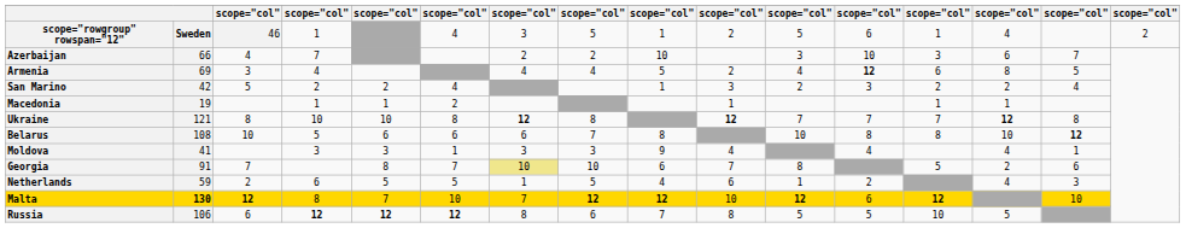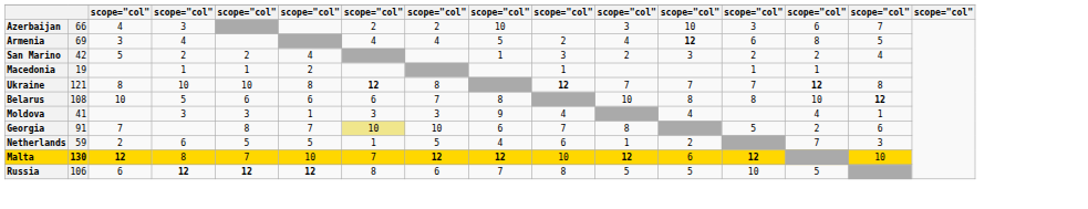 <table class="wikitable plainrowheaders" style="text-align:center;">
 <tr>
 </tr>
 <tr>
 <th colspan="2"></th>
 <th>scope="col" </th>
 <th>scope="col" </th>
 <th>scope="col" </th>
 <th>scope="col" </th>
 <th>scope="col" </th>
 <th>scope="col" </th>
 <th>scope="col" </th>
 <th>scope="col" </th>
 <th>scope="col" </th>
 <th>scope="col" </th>
 <th>scope="col" </th>
 <th>scope="col" </th>
 <th>scope="col" </th>
 <th>scope="col" </th>
 </tr>
 <tr>
-<th>scope="rowgroup" rowspan="12" </th>
-<th scope="row" style="text-align:left; background:#f2f2f2;">Sweden</th>
-<td style="text-align:right; background:#f2f2f2;">46</td>
-<td>1</td>
-<td style="text-align:left; background:#aaa;"></td>
-<td>4</td>
-<td>3</td>
-<td>5</td>
-<td>1</td>
-<td>2</td>
-<td>5</td>
-<td>6</td>
-<td>1</td>
-<td>4</td>
-<td></td>
-<td>2</td>
-</tr>
-<tr>
 <th scope="row" style="text-align:left; background:#f2f2f2;">Azerbaijan</th>
 <td style="text-align:right; background:#f2f2f2;">66</td>
 <td>4</td>
-<td>7</td>
+<td>3</td>
 <td style="text-align:left; background:#aaa;"></td>
 <td></td>
 <td>2</td>
 <td>2</td>
 <td>10</td>
 <td></td>
 <td>3</td>
 <td>10</td>
 <td>3</td>
 <td>6</td>
 <td>7</td>
 </tr>
 <tr>
 <th scope="row" style="text-align:left; background:#f2f2f2;">Armenia</th>
 <td style="text-align:right; background:#f2f2f2;">69</td>
 <td>3</td>
 <td>4</td>
 <td></td>
 <td style="text-align:left; background:#aaa;"></td>
 <td>4</td>
 <td>4</td>
 <td>5</td>
 <td>2</td>
 <td>4</td>
 <td><strong>12</strong></td>
 <td>6</td>
 <td>8</td>
 <td>5</td>
 </tr>
 <tr>
 <th scope="row" style="text-align:left; background:#f2f2f2;">San Marino</th>
 <td style="text-align:right; background:#f2f2f2;">42</td>
 <td>5</td>
 <td>2</td>
 <td>2</td>
 <td>4</td>
 <td style="text-align:left; background:#aaa;"></td>
 <td></td>
 <td>1</td>
 <td>3</td>
 <td>2</td>
 <td>3</td>
 <td>2</td>
 <td>2</td>
 <td>4</td>
 </tr>
 <tr>
 <th scope="row" style="text-align:left; background:#f2f2f2;">Macedonia</th>
 <td style="text-align:right; background:#f2f2f2;">19</td>
 <td></td>
 <td>1</td>
 <td>1</td>
 <td>2</td>
 <td></td>
 <td style="text-align:left; background:#aaa;"></td>
 <td></td>
 <td>1</td>
 <td></td>
 <td></td>
 <td>1</td>
 <td>1</td>
 <td></td>
 </tr>
 <tr>
 <th scope="row" style="text-align:left; background:#f2f2f2;">Ukraine</th>
 <td style="text-align:right; background:#f2f2f2;">121</td>
 <td>8</td>
 <td>10</td>
 <td>10</td>
 <td>8</td>
 <td><strong>12</strong></td>
 <td>8</td>
 <td style="text-align:left; background:#aaa;"></td>
 <td><strong>12</strong></td>
 <td>7</td>
 <td>7</td>
 <td>7</td>
 <td><strong>12</strong></td>
 <td>8</td>
 </tr>
 <tr>
 <th scope="row" style="text-align:left; background:#f2f2f2;">Belarus</th>
 <td style="text-align:right; background:#f2f2f2;">108</td>
 <td>10</td>
 <td>5</td>
 <td>6</td>
 <td>6</td>
 <td>6</td>
 <td>7</td>
 <td>8</td>
 <td style="text-align:left; background:#aaa;"></td>
 <td>10</td>
 <td>8</td>
 <td>8</td>
 <td>10</td>
 <td><strong>12</strong></td>
 </tr>
 <tr>
 <th scope="row" style="text-align:left; background:#f2f2f2;">Moldova</th>
 <td style="text-align:right; background:#f2f2f2;">41</td>
 <td></td>
 <td>3</td>
 <td>3</td>
 <td>1</td>
 <td>3</td>
 <td>3</td>
 <td>9</td>
 <td>4</td>
 <td style="text-align:left; background:#aaa;"></td>
 <td>4</td>
 <td></td>
 <td>4</td>
 <td>1</td>
 </tr>
 <tr>
 <th scope="row" style="text-align:left; background:#f2f2f2;">Georgia</th>
 <td style="text-align:right; background:#f2f2f2;">91</td>
 <td>7</td>
 <td></td>
 <td>8</td>
 <td>7</td>
 <td style="background: khaki;">10</td>
 <td>10</td>
 <td>6</td>
 <td>7</td>
 <td>8</td>
 <td style="text-align:left; background:#aaa;"></td>
 <td>5</td>
 <td>2</td>
 <td>6</td>
 </tr>
 <tr>
 <th scope="row" style="text-align:left; background:#f2f2f2;">Netherlands</th>
 <td style="text-align:right; background:#f2f2f2;">59</td>
 <td>2</td>
 <td>6</td>
 <td>5</td>
 <td>5</td>
 <td>1</td>
 <td>5</td>
 <td>4</td>
 <td>6</td>
 <td>1</td>
 <td>2</td>
 <td style="text-align:left; background:#aaa;"></td>
-<td>4</td>
+<td>7</td>
 <td>3</td>
 </tr>
 <tr style="background:gold;">
 <th scope="row" style="text-align:left; font-weight:bold; background:gold;">Malta</th>
 <td style="text-align:right; font-weight:bold;">130</td>
 <td><strong>12</strong></td>
 <td>8</td>
 <td>7</td>
 <td>10</td>
 <td>7</td>
 <td><strong>12</strong></td>
 <td><strong>12</strong></td>
 <td>10</td>
 <td><strong>12</strong></td>
 <td>6</td>
 <td><strong>12</strong></td>
 <td style="text-align:left; background:#aaa;"></td>
 <td>10</td>
 </tr>
 <tr>
 <th scope="row" style="text-align:left; background:#f2f2f2;">Russia</th>
 <td style="text-align:right; background:#f2f2f2;">106</td>
 <td>6</td>
 <td><strong>12</strong></td>
 <td><strong>12</strong></td>
 <td><strong>12</strong></td>
 <td>8</td>
 <td>6</td>
 <td>7</td>
 <td>8</td>
 <td>5</td>
 <td>5</td>
 <td>10</td>
 <td>5</td>
 <td style="text-align:left; background:#aaa;"></td>
 </tr>
 </table>
